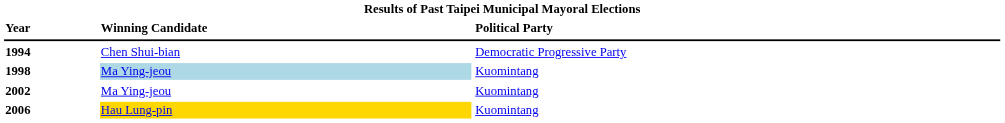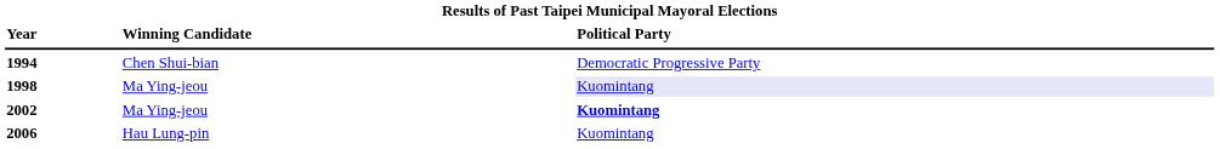 <table id="toc" style="margin:1em auto; width: 90%; font-size: 90%;" cellspacing="3">
 <tr>
 <td colspan="3" align="center"><strong>Results of Past Taipei Municipal Mayoral Elections</strong></td>
 </tr>
 <tr>
 <td><strong>Year</strong></td>
 <td><strong> Winning Candidate</strong></td>
 <td><strong>Political Party</strong></td>
 </tr>
 <tr>
 <th bgcolor="#000000" colspan="6"></th>
 </tr>
 <tr>
 <td><strong>1994</strong></td>
 <td><a href='#'>Chen Shui-bian</a></td>
 <td><a href='#'>Democratic Progressive Party</a></td>
 </tr>
 <tr>
 <td><strong>1998</strong></td>
-<td style="background: lightblue;"><a href='#'>Ma Ying-jeou</a></td>
-<td><a href='#'>Kuomintang</a></td>
+<td><a href='#'>Ma Ying-jeou</a></td>
+<td style="background: lavender;"><a href='#'>Kuomintang</a></td>
 </tr>
 <tr>
 <td><strong>2002</strong></td>
 <td><a href='#'>Ma Ying-jeou</a></td>
-<td><a href='#'>Kuomintang</a></td>
+<td><strong><a href='#'>Kuomintang</a></strong></td>
 </tr>
 <tr>
 <td><strong>2006</strong></td>
-<td style="background: gold;"><a href='#'>Hau Lung-pin</a></td>
+<td><a href='#'>Hau Lung-pin</a></td>
 <td><a href='#'>Kuomintang</a></td>
 </tr>
 </table>
